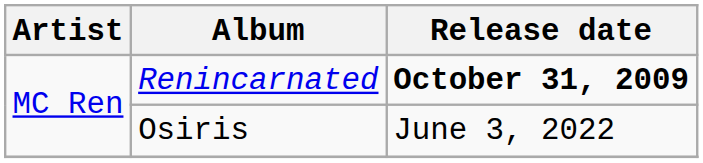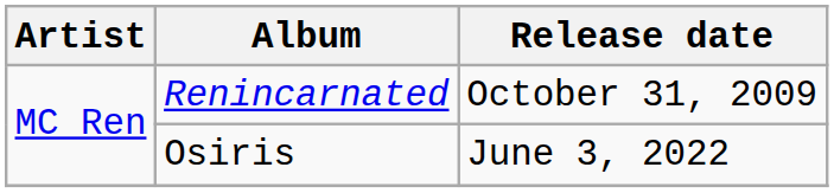 <table class="wikitable sortable">
 <tr>
 <th>Artist</th>
 <th>Album</th>
 <th class="unsortable">Release date</th>
 </tr>
 <tr>
 <td rowspan=2><a href='#'>MC Ren</a></td>
 <td><em><a href='#'>Renincarnated</a></em></td>
-<td><strong>October 31, 2009</strong></td>
+<td>October 31, 2009</td>
 </tr>
 <tr>
 <td>Osiris</td>
 <td>June 3, 2022</td>
 </tr>
 <tr>
 </tr>
 </table>
